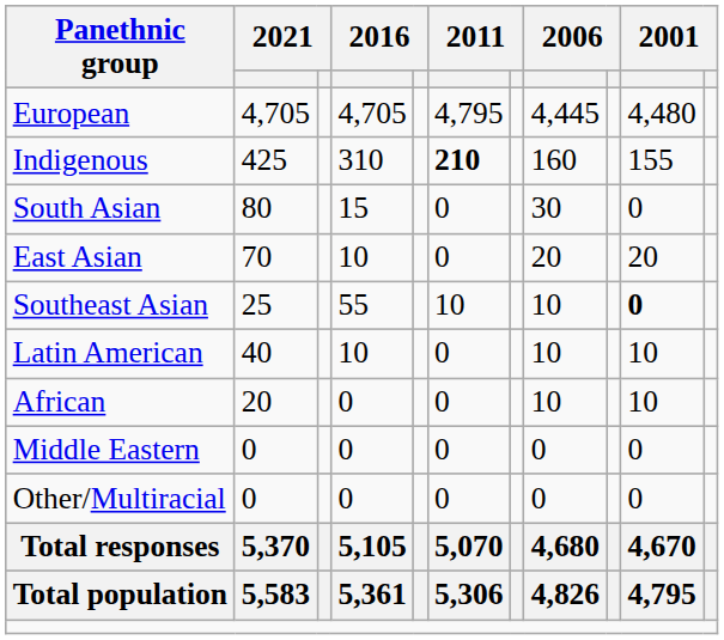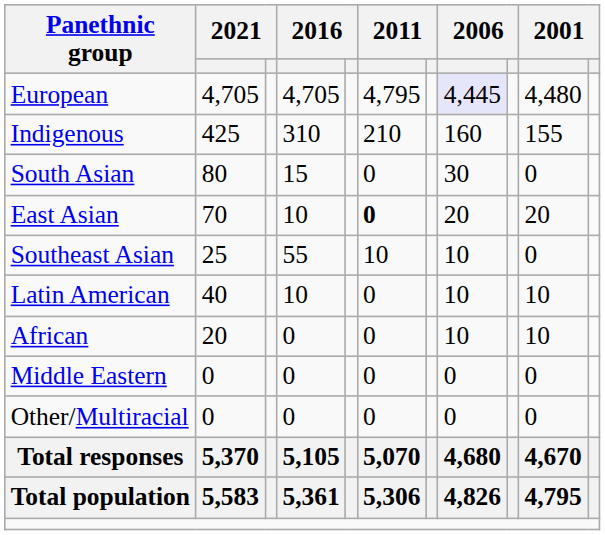 <table class="wikitable collapsible sortable">
 <tr>
 <th rowspan="2"><a href='#'>Panethnic</a><br>group</th>
 <th colspan="2">2021</th>
 <th colspan="2">2016</th>
 <th colspan="2">2011</th>
 <th colspan="2">2006</th>
 <th colspan="2">2001</th>
 </tr>
 <tr>
 <th><a href='#'></a></th>
 <th></th>
 <th></th>
 <th></th>
 <th></th>
 <th></th>
 <th></th>
 <th></th>
 <th></th>
 <th></th>
 </tr>
 <tr>
 <td><a href='#'>European</a></td>
 <td>4,705</td>
 <td></td>
 <td>4,705</td>
 <td></td>
 <td>4,795</td>
 <td></td>
-<td>4,445</td>
+<td style="background: lavender;">4,445</td>
 <td></td>
 <td>4,480</td>
 <td></td>
 </tr>
 <tr>
 <td><a href='#'>Indigenous</a></td>
 <td>425</td>
 <td></td>
 <td>310</td>
 <td></td>
-<td><strong>210</strong></td>
+<td>210</td>
 <td></td>
 <td>160</td>
 <td></td>
 <td>155</td>
 <td></td>
 </tr>
 <tr>
 <td><a href='#'>South Asian</a></td>
 <td>80</td>
 <td></td>
 <td>15</td>
 <td></td>
 <td>0</td>
 <td></td>
 <td>30</td>
 <td></td>
 <td>0</td>
 <td></td>
 </tr>
 <tr>
 <td><a href='#'>East Asian</a></td>
 <td>70</td>
 <td></td>
 <td>10</td>
 <td></td>
-<td>0</td>
+<td><strong>0</strong></td>
 <td></td>
 <td>20</td>
 <td></td>
 <td>20</td>
 <td></td>
 </tr>
 <tr>
 <td><a href='#'>Southeast Asian</a></td>
 <td>25</td>
 <td></td>
 <td>55</td>
 <td></td>
 <td>10</td>
 <td></td>
 <td>10</td>
 <td></td>
-<td><strong>0</strong></td>
+<td>0</td>
 <td></td>
 </tr>
 <tr>
 <td><a href='#'>Latin American</a></td>
 <td>40</td>
 <td></td>
 <td>10</td>
 <td></td>
 <td>0</td>
 <td></td>
 <td>10</td>
 <td></td>
 <td>10</td>
 <td></td>
 </tr>
 <tr>
 <td><a href='#'>African</a></td>
 <td>20</td>
 <td></td>
 <td>0</td>
 <td></td>
 <td>0</td>
 <td></td>
 <td>10</td>
 <td></td>
 <td>10</td>
 <td></td>
 </tr>
 <tr>
 <td><a href='#'>Middle Eastern</a></td>
 <td>0</td>
 <td></td>
 <td>0</td>
 <td></td>
 <td>0</td>
 <td></td>
 <td>0</td>
 <td></td>
 <td>0</td>
 <td></td>
 </tr>
 <tr>
 <td>Other/<a href='#'>Multiracial</a></td>
 <td>0</td>
 <td></td>
 <td>0</td>
 <td></td>
 <td>0</td>
 <td></td>
 <td>0</td>
 <td></td>
 <td>0</td>
 <td></td>
 </tr>
 <tr>
 <th>Total responses</th>
 <th>5,370</th>
 <th></th>
 <th>5,105</th>
 <th></th>
 <th>5,070</th>
 <th></th>
 <th>4,680</th>
 <th></th>
 <th>4,670</th>
 <th></th>
 </tr>
 <tr>
 <th>Total population</th>
 <th>5,583</th>
 <th></th>
 <th>5,361</th>
 <th></th>
 <th>5,306</th>
 <th></th>
 <th>4,826</th>
 <th></th>
 <th>4,795</th>
 <th></th>
 </tr>
 <tr class="sortbottom">
 <td colspan="15"></td>
 </tr>
 </table>
